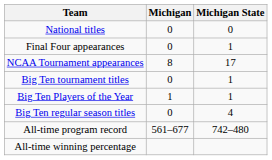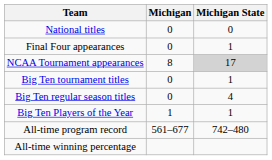 <table class="wikitable" style="text-align:center;">
 <tr>
 <th>Team</th>
 <th>Michigan</th>
 <th>Michigan State</th>
 </tr>
 <tr>
 <td><a href='#'>National titles</a></td>
 <td style=>0</td>
 <td>0</td>
 </tr>
 <tr>
 <td>Final Four appearances</td>
 <td>0</td>
 <td>1</td>
 </tr>
 <tr>
 <td><a href='#'>NCAA Tournament appearances</a></td>
 <td>8</td>
-<td>17</td>
+<td style="background: lightgrey;">17</td>
 </tr>
 <tr>
 <td><a href='#'>Big Ten tournament titles</a></td>
 <td>0</td>
 <td>1</td>
 </tr>
 <tr>
+<td><a href='#'>Big Ten regular season titles</a></td>
+<td>0</td>
+<td>4</td>
+</tr>
+<tr>
 <td><a href='#'>Big Ten Players of the Year</a></td>
 <td>1</td>
 <td>1</td>
-</tr>
-<tr>
-<td><a href='#'>Big Ten regular season titles</a></td>
-<td>0</td>
-<td>4</td>
 </tr>
 <tr>
 <td>All-time program record</td>
 <td>561–677</td>
 <td>742–480</td>
 </tr>
 <tr>
 <td>All-time winning percentage</td>
 <td></td>
 <td></td>
 </tr>
 </table>
